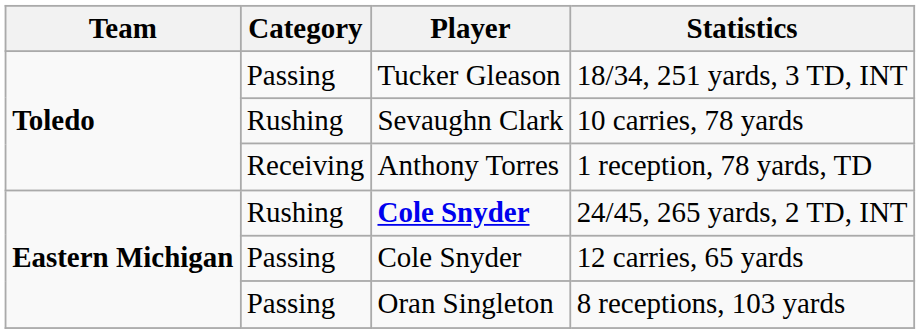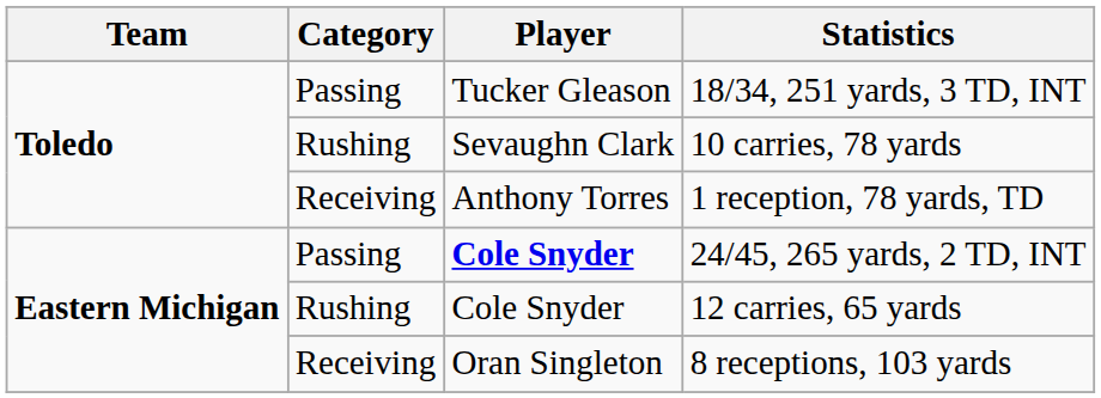 <table class="wikitable" style="float: right;">
 <tr>
 <th>Team</th>
 <th>Category</th>
 <th>Player</th>
 <th>Statistics</th>
 </tr>
 <tr>
 <td rowspan=3><strong>Toledo</strong></td>
 <td>Passing</td>
 <td>Tucker Gleason</td>
 <td>18/34, 251 yards, 3 TD, INT</td>
 </tr>
 <tr>
 <td>Rushing</td>
 <td>Sevaughn Clark</td>
 <td>10 carries, 78 yards</td>
 </tr>
 <tr>
 <td>Receiving</td>
 <td>Anthony Torres</td>
 <td>1 reception, 78 yards, TD</td>
 </tr>
 <tr>
 <td rowspan=3><strong>Eastern Michigan</strong></td>
-<td>Rushing</td>
+<td>Passing</td>
 <td><strong><a href='#'>Cole Snyder</a></strong></td>
 <td>24/45, 265 yards, 2 TD, INT</td>
 </tr>
 <tr>
-<td>Passing</td>
+<td>Rushing</td>
 <td>Cole Snyder</td>
 <td>12 carries, 65 yards</td>
 </tr>
 <tr>
-<td>Passing</td>
+<td>Receiving</td>
 <td>Oran Singleton</td>
 <td>8 receptions, 103 yards</td>
 </tr>
 </table>
